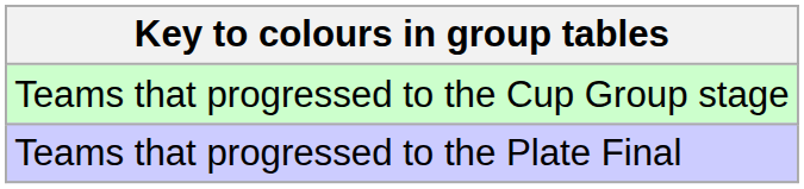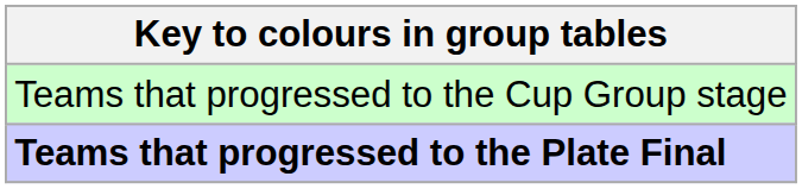 <table class="wikitable">
 <tr>
 <th>Key to colours in group tables</th>
 </tr>
 <tr bgcolor=#ccffcc>
 <td>Teams that progressed to the Cup Group stage</td>
 </tr>
 <tr bgcolor=#ccccff>
-<td>Teams that progressed to the Plate Final</td>
+<td><strong>Teams that progressed to the Plate Final</strong></td>
 </tr>
 </table>
